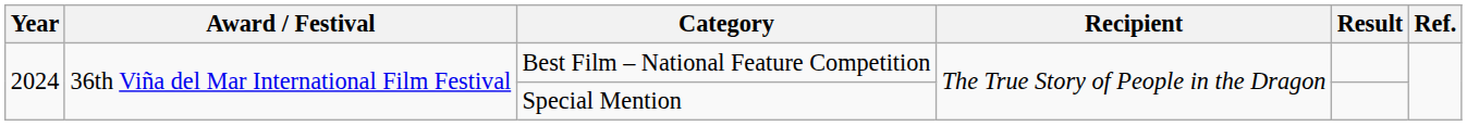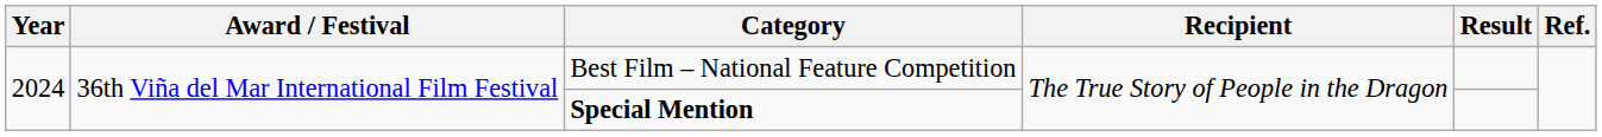 <table class="wikitable">
 <tr>
 <th>Year</th>
 <th>Award / Festival</th>
 <th>Category</th>
 <th>Recipient</th>
 <th>Result</th>
 <th>Ref.</th>
 </tr>
 <tr>
 <td rowspan="2">2024</td>
 <td rowspan="2">36th <a href='#'>Viña del Mar International Film Festival</a></td>
 <td>Best Film – National Feature Competition</td>
 <td rowspan="2"><em>The True Story of People in the Dragon</em></td>
 <td></td>
 <td rowspan="2"></td>
 </tr>
 <tr>
-<td>Special Mention</td>
+<td><strong>Special Mention</strong></td>
 <td></td>
 </tr>
 </table>
